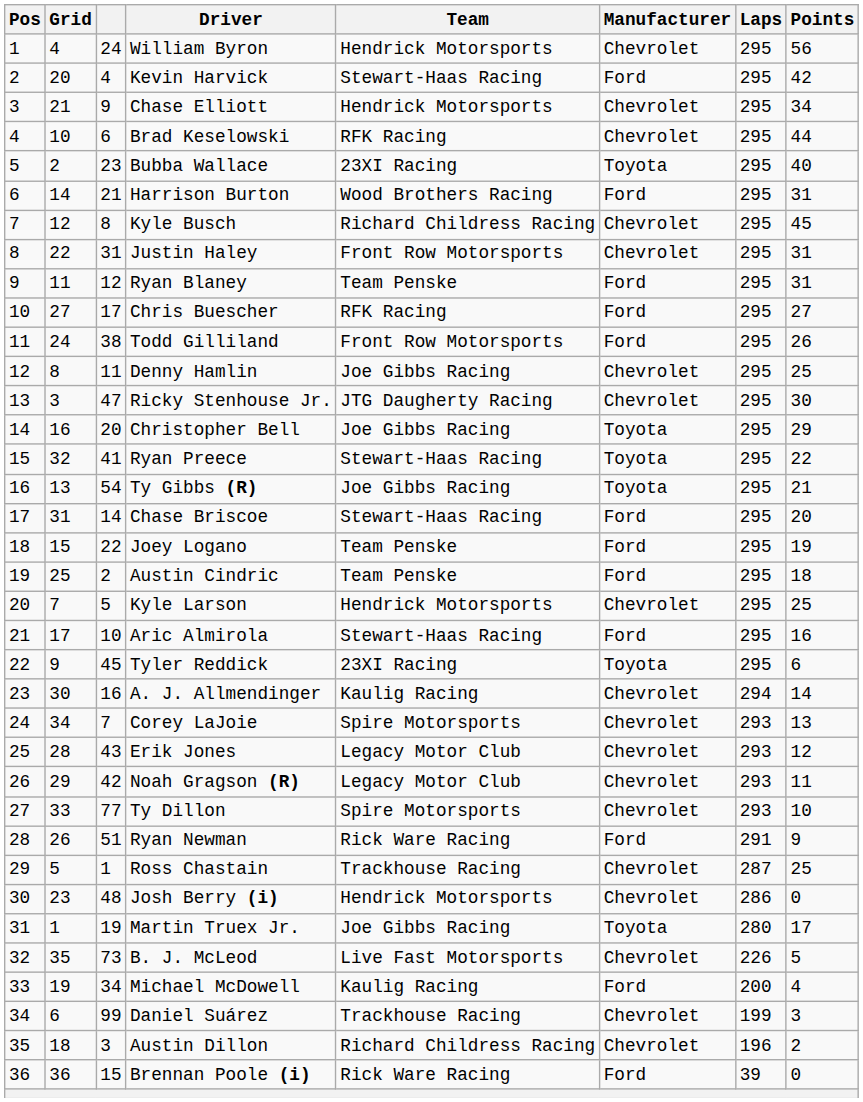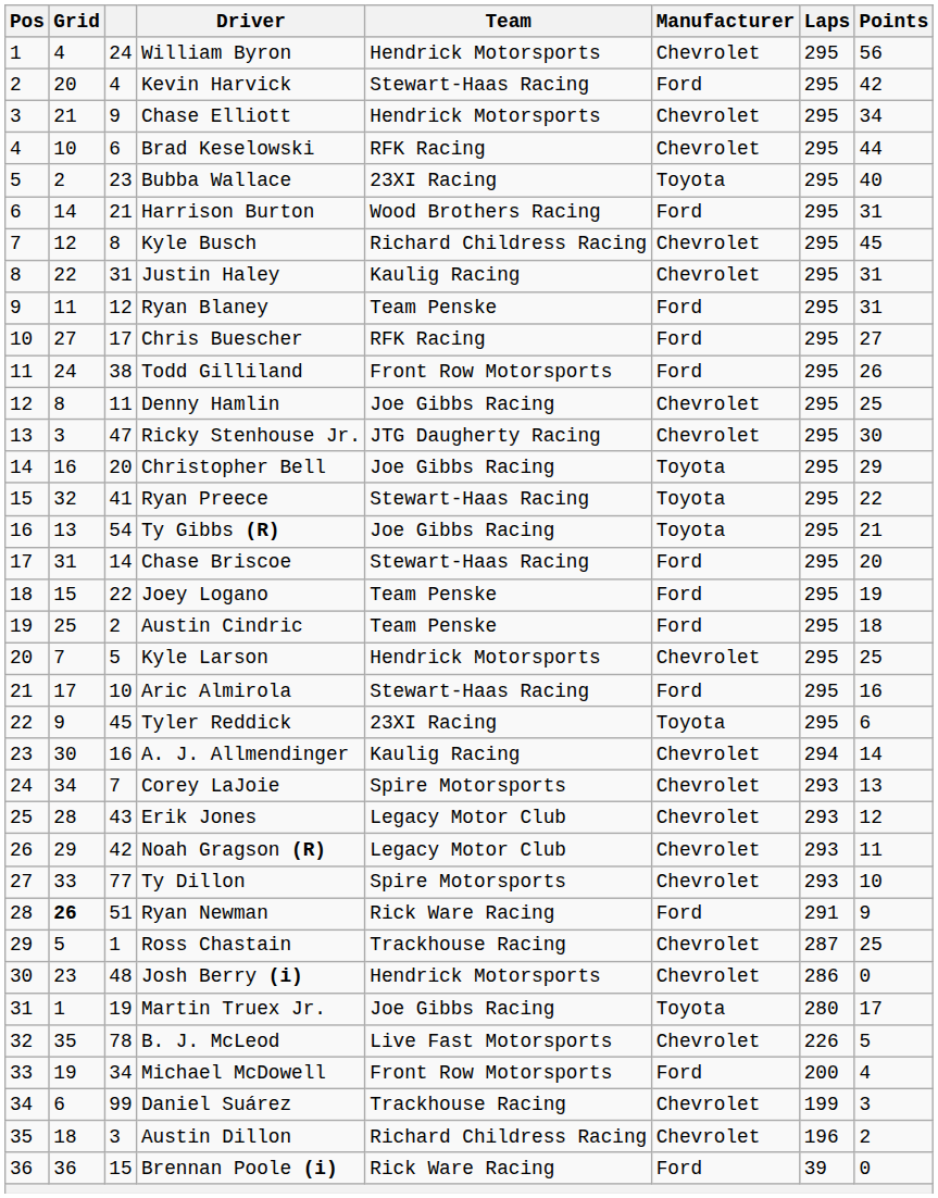 <table class="wikitable" style="font-size:98%">
 <tr>
 <th>Pos</th>
 <th>Grid</th>
 <th></th>
 <th>Driver</th>
 <th>Team</th>
 <th>Manufacturer</th>
 <th>Laps</th>
 <th>Points</th>
 </tr>
 <tr>
 <td>1</td>
 <td>4</td>
 <td>24</td>
 <td>William Byron</td>
 <td>Hendrick Motorsports</td>
 <td>Chevrolet</td>
 <td>295</td>
 <td>56</td>
 </tr>
 <tr>
 <td>2</td>
 <td>20</td>
 <td>4</td>
 <td>Kevin Harvick</td>
 <td>Stewart-Haas Racing</td>
 <td>Ford</td>
 <td>295</td>
 <td>42</td>
 </tr>
 <tr>
 <td>3</td>
 <td>21</td>
 <td>9</td>
 <td>Chase Elliott</td>
 <td>Hendrick Motorsports</td>
 <td>Chevrolet</td>
 <td>295</td>
 <td>34</td>
 </tr>
 <tr>
 <td>4</td>
 <td>10</td>
 <td>6</td>
 <td>Brad Keselowski</td>
 <td>RFK Racing</td>
 <td>Chevrolet</td>
 <td>295</td>
 <td>44</td>
 </tr>
 <tr>
 <td>5</td>
 <td>2</td>
 <td>23</td>
 <td>Bubba Wallace</td>
 <td>23XI Racing</td>
 <td>Toyota</td>
 <td>295</td>
 <td>40</td>
 </tr>
 <tr>
 <td>6</td>
 <td>14</td>
 <td>21</td>
 <td>Harrison Burton</td>
 <td>Wood Brothers Racing</td>
 <td>Ford</td>
 <td>295</td>
 <td>31</td>
 </tr>
 <tr>
 <td>7</td>
 <td>12</td>
 <td>8</td>
 <td>Kyle Busch</td>
 <td>Richard Childress Racing</td>
 <td>Chevrolet</td>
 <td>295</td>
 <td>45</td>
 </tr>
 <tr>
 <td>8</td>
 <td>22</td>
 <td>31</td>
 <td>Justin Haley</td>
-<td>Front Row Motorsports</td>
+<td>Kaulig Racing</td>
 <td>Chevrolet</td>
 <td>295</td>
 <td>31</td>
 </tr>
 <tr>
 <td>9</td>
 <td>11</td>
 <td>12</td>
 <td>Ryan Blaney</td>
 <td>Team Penske</td>
 <td>Ford</td>
 <td>295</td>
 <td>31</td>
 </tr>
 <tr>
 <td>10</td>
 <td>27</td>
 <td>17</td>
 <td>Chris Buescher</td>
 <td>RFK Racing</td>
 <td>Ford</td>
 <td>295</td>
 <td>27</td>
 </tr>
 <tr>
 <td>11</td>
 <td>24</td>
 <td>38</td>
 <td>Todd Gilliland</td>
 <td>Front Row Motorsports</td>
 <td>Ford</td>
 <td>295</td>
 <td>26</td>
 </tr>
 <tr>
 <td>12</td>
 <td>8</td>
 <td>11</td>
 <td>Denny Hamlin</td>
 <td>Joe Gibbs Racing</td>
 <td>Chevrolet</td>
 <td>295</td>
 <td>25</td>
 </tr>
 <tr>
 <td>13</td>
 <td>3</td>
 <td>47</td>
 <td>Ricky Stenhouse Jr.</td>
 <td>JTG Daugherty Racing</td>
 <td>Chevrolet</td>
 <td>295</td>
 <td>30</td>
 </tr>
 <tr>
 <td>14</td>
 <td>16</td>
 <td>20</td>
 <td>Christopher Bell</td>
 <td>Joe Gibbs Racing</td>
 <td>Toyota</td>
 <td>295</td>
 <td>29</td>
 </tr>
 <tr>
 <td>15</td>
 <td>32</td>
 <td>41</td>
 <td>Ryan Preece</td>
 <td>Stewart-Haas Racing</td>
 <td>Toyota</td>
 <td>295</td>
 <td>22</td>
 </tr>
 <tr>
 <td>16</td>
 <td>13</td>
 <td>54</td>
 <td>Ty Gibbs <strong>(R)</strong></td>
 <td>Joe Gibbs Racing</td>
 <td>Toyota</td>
 <td>295</td>
 <td>21</td>
 </tr>
 <tr>
 <td>17</td>
 <td>31</td>
 <td>14</td>
 <td>Chase Briscoe</td>
 <td>Stewart-Haas Racing</td>
 <td>Ford</td>
 <td>295</td>
 <td>20</td>
 </tr>
 <tr>
 <td>18</td>
 <td>15</td>
 <td>22</td>
 <td>Joey Logano</td>
 <td>Team Penske</td>
 <td>Ford</td>
 <td>295</td>
 <td>19</td>
 </tr>
 <tr>
 <td>19</td>
 <td>25</td>
 <td>2</td>
 <td>Austin Cindric</td>
 <td>Team Penske</td>
 <td>Ford</td>
 <td>295</td>
 <td>18</td>
 </tr>
 <tr>
 <td>20</td>
 <td>7</td>
 <td>5</td>
 <td>Kyle Larson</td>
 <td>Hendrick Motorsports</td>
 <td>Chevrolet</td>
 <td>295</td>
 <td>25</td>
 </tr>
 <tr>
 <td>21</td>
 <td>17</td>
 <td>10</td>
 <td>Aric Almirola</td>
 <td>Stewart-Haas Racing</td>
 <td>Ford</td>
 <td>295</td>
 <td>16</td>
 </tr>
 <tr>
 <td>22</td>
 <td>9</td>
 <td>45</td>
 <td>Tyler Reddick</td>
 <td>23XI Racing</td>
 <td>Toyota</td>
 <td>295</td>
 <td>6</td>
 </tr>
 <tr>
 <td>23</td>
 <td>30</td>
 <td>16</td>
 <td>A. J. Allmendinger</td>
 <td>Kaulig Racing</td>
 <td>Chevrolet</td>
 <td>294</td>
 <td>14</td>
 </tr>
 <tr>
 <td>24</td>
 <td>34</td>
 <td>7</td>
 <td>Corey LaJoie</td>
 <td>Spire Motorsports</td>
 <td>Chevrolet</td>
 <td>293</td>
 <td>13</td>
 </tr>
 <tr>
 <td>25</td>
 <td>28</td>
 <td>43</td>
 <td>Erik Jones</td>
 <td>Legacy Motor Club</td>
 <td>Chevrolet</td>
 <td>293</td>
 <td>12</td>
 </tr>
 <tr>
 <td>26</td>
 <td>29</td>
 <td>42</td>
 <td>Noah Gragson <strong>(R)</strong></td>
 <td>Legacy Motor Club</td>
 <td>Chevrolet</td>
 <td>293</td>
 <td>11</td>
 </tr>
 <tr>
 <td>27</td>
 <td>33</td>
 <td>77</td>
 <td>Ty Dillon</td>
 <td>Spire Motorsports</td>
 <td>Chevrolet</td>
 <td>293</td>
 <td>10</td>
 </tr>
 <tr>
 <td>28</td>
-<td>26</td>
+<td><strong>26</strong></td>
 <td>51</td>
 <td>Ryan Newman</td>
 <td>Rick Ware Racing</td>
 <td>Ford</td>
 <td>291</td>
 <td>9</td>
 </tr>
 <tr>
 <td>29</td>
 <td>5</td>
 <td>1</td>
 <td>Ross Chastain</td>
 <td>Trackhouse Racing</td>
 <td>Chevrolet</td>
 <td>287</td>
 <td>25</td>
 </tr>
 <tr>
 <td>30</td>
 <td>23</td>
 <td>48</td>
 <td>Josh Berry <strong>(i)</strong></td>
 <td>Hendrick Motorsports</td>
 <td>Chevrolet</td>
 <td>286</td>
 <td>0</td>
 </tr>
 <tr>
 <td>31</td>
 <td>1</td>
 <td>19</td>
 <td>Martin Truex Jr.</td>
 <td>Joe Gibbs Racing</td>
 <td>Toyota</td>
 <td>280</td>
 <td>17</td>
 </tr>
 <tr>
 <td>32</td>
 <td>35</td>
-<td>73</td>
+<td>78</td>
 <td>B. J. McLeod</td>
 <td>Live Fast Motorsports</td>
 <td>Chevrolet</td>
 <td>226</td>
 <td>5</td>
 </tr>
 <tr>
 <td>33</td>
 <td>19</td>
 <td>34</td>
 <td>Michael McDowell</td>
-<td>Kaulig Racing</td>
+<td>Front Row Motorsports</td>
 <td>Ford</td>
 <td>200</td>
 <td>4</td>
 </tr>
 <tr>
 <td>34</td>
 <td>6</td>
 <td>99</td>
 <td>Daniel Suárez</td>
 <td>Trackhouse Racing</td>
 <td>Chevrolet</td>
 <td>199</td>
 <td>3</td>
 </tr>
 <tr>
 <td>35</td>
 <td>18</td>
 <td>3</td>
 <td>Austin Dillon</td>
 <td>Richard Childress Racing</td>
 <td>Chevrolet</td>
 <td>196</td>
 <td>2</td>
 </tr>
 <tr>
 <td>36</td>
 <td>36</td>
 <td>15</td>
 <td>Brennan Poole <strong>(i)</strong></td>
 <td>Rick Ware Racing</td>
 <td>Ford</td>
 <td>39</td>
 <td>0</td>
 </tr>
 <tr>
 <th colspan="8"></th>
 </tr>
 </table>
